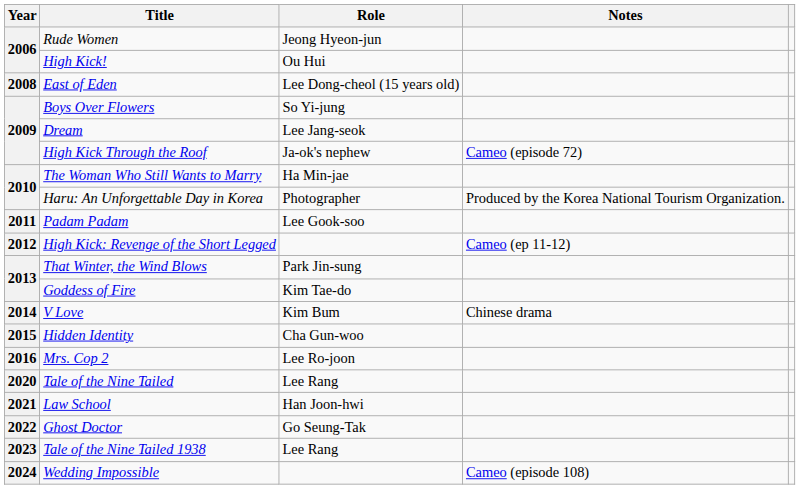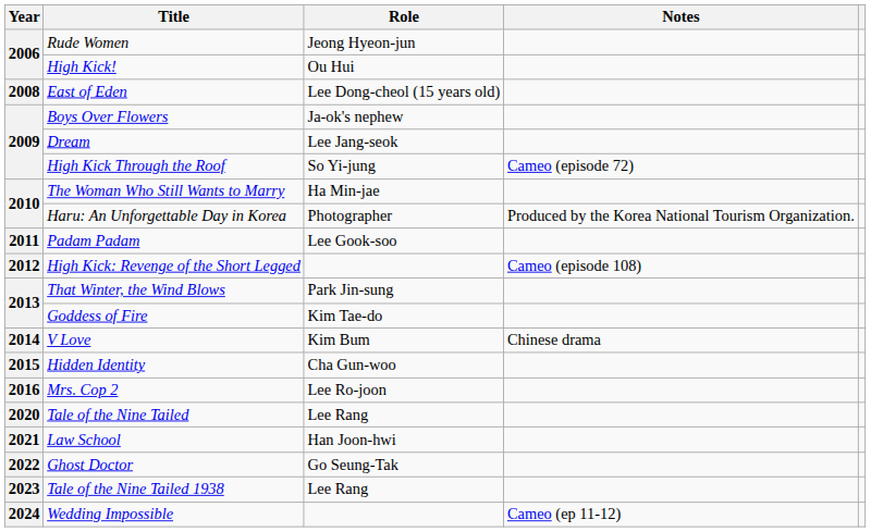 <table class="wikitable plainrowheaders sortable">
 <tr>
 <th scope="col">Year</th>
 <th scope="col">Title</th>
 <th scope="col">Role</th>
 <th scope="col">Notes</th>
 <th scope="col" class="unsortable"></th>
 </tr>
 <tr>
 <th scope="row" rowspan="2">2006</th>
 <td><em>Rude Women</em></td>
 <td>Jeong Hyeon-jun</td>
 <td></td>
 <td style="text-align:center"></td>
 </tr>
 <tr>
 <td><em><a href='#'>High Kick!</a></em></td>
 <td>Ou Hui</td>
 <td></td>
 <td style="text-align:center"></td>
 </tr>
 <tr>
 <th scope="row">2008</th>
 <td><em><a href='#'>East of Eden</a></em></td>
 <td>Lee Dong-cheol (15 years old)</td>
 <td></td>
 <td style="text-align:center"></td>
 </tr>
 <tr>
 <th scope="row" rowspan="3">2009</th>
 <td><em><a href='#'>Boys Over Flowers</a></em></td>
-<td>So Yi-jung</td>
+<td>Ja-ok's nephew</td>
 <td></td>
 <td style="text-align:center"></td>
 </tr>
 <tr>
 <td><em><a href='#'>Dream</a></em></td>
 <td>Lee Jang-seok</td>
 <td></td>
 <td style="text-align:center"></td>
 </tr>
 <tr>
 <td><em><a href='#'>High Kick Through the Roof</a></em></td>
-<td>Ja-ok's nephew</td>
+<td>So Yi-jung</td>
 <td><a href='#'>Cameo</a> (episode 72)</td>
 <td style="text-align:center"></td>
 </tr>
 <tr>
 <th scope="row" rowspan="2">2010</th>
 <td><em><a href='#'>The Woman Who Still Wants to Marry</a></em></td>
 <td>Ha Min-jae</td>
 <td></td>
 <td style="text-align:center"></td>
 </tr>
 <tr>
 <td><em>Haru: An Unforgettable Day in Korea</em></td>
 <td>Photographer</td>
 <td>Produced by the Korea National Tourism Organization.</td>
 <td style="text-align:center"></td>
 </tr>
 <tr>
 <th scope="row">2011</th>
 <td><em><a href='#'>Padam Padam</a></em></td>
 <td>Lee Gook-soo</td>
 <td></td>
 <td style="text-align:center"></td>
 </tr>
 <tr>
 <th scope="row">2012</th>
 <td><em><a href='#'>High Kick: Revenge of the Short Legged</a></em></td>
 <td></td>
-<td><a href='#'>Cameo</a> (ep 11-12)</td>
+<td><a href='#'>Cameo</a> (episode 108)</td>
 <td style="text-align:center"></td>
 </tr>
 <tr>
 <th scope="row" rowspan="2">2013</th>
 <td><em><a href='#'>That Winter, the Wind Blows</a></em></td>
 <td>Park Jin-sung</td>
 <td></td>
 <td style="text-align:center"></td>
 </tr>
 <tr>
 <td><em><a href='#'>Goddess of Fire</a></em></td>
 <td>Kim Tae-do</td>
 <td></td>
 <td style="text-align:center"></td>
 </tr>
 <tr>
 <th scope="row">2014</th>
 <td><em><a href='#'>V Love</a></em></td>
 <td>Kim Bum</td>
 <td>Chinese drama</td>
 <td style="text-align:center"></td>
 </tr>
 <tr>
 <th scope="row">2015</th>
 <td><em><a href='#'>Hidden Identity</a></em></td>
 <td>Cha Gun-woo</td>
 <td></td>
 <td style="text-align:center"></td>
 </tr>
 <tr>
 <th scope="row">2016</th>
 <td><em><a href='#'>Mrs. Cop 2</a></em></td>
 <td>Lee Ro-joon</td>
 <td></td>
 <td style="text-align:center"></td>
 </tr>
 <tr>
 <th scope="row">2020</th>
 <td><em><a href='#'>Tale of the Nine Tailed</a></em></td>
 <td>Lee Rang</td>
 <td></td>
 <td style="text-align:center"></td>
 </tr>
 <tr>
 <th scope="row">2021</th>
 <td><em><a href='#'>Law School</a></em></td>
 <td>Han Joon-hwi</td>
 <td></td>
 <td style="text-align:center"></td>
 </tr>
 <tr>
 <th scope="row">2022</th>
 <td><em><a href='#'>Ghost Doctor</a></em></td>
 <td>Go Seung-Tak</td>
 <td></td>
 <td style="text-align:center"></td>
 </tr>
 <tr>
 <th scope="row">2023</th>
 <td><em><a href='#'>Tale of the Nine Tailed 1938</a></em></td>
 <td>Lee Rang</td>
 <td></td>
 <td style="text-align:center"></td>
 </tr>
 <tr>
 <th scope="row">2024</th>
 <td><em><a href='#'>Wedding Impossible</a></em></td>
 <td></td>
-<td><a href='#'>Cameo</a> (episode 108)</td>
+<td><a href='#'>Cameo</a> (ep 11-12)</td>
 <td></td>
 </tr>
 </table>
